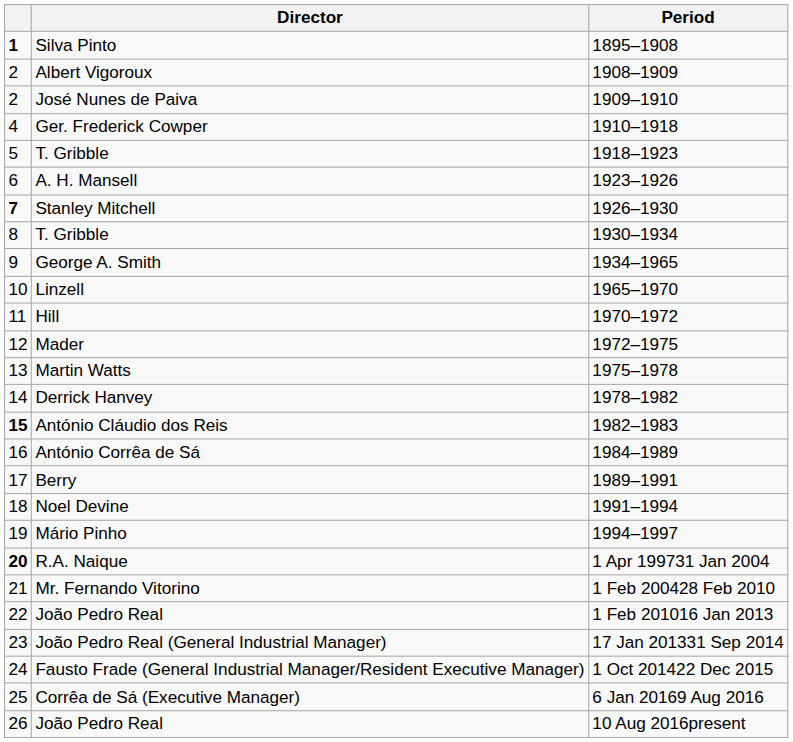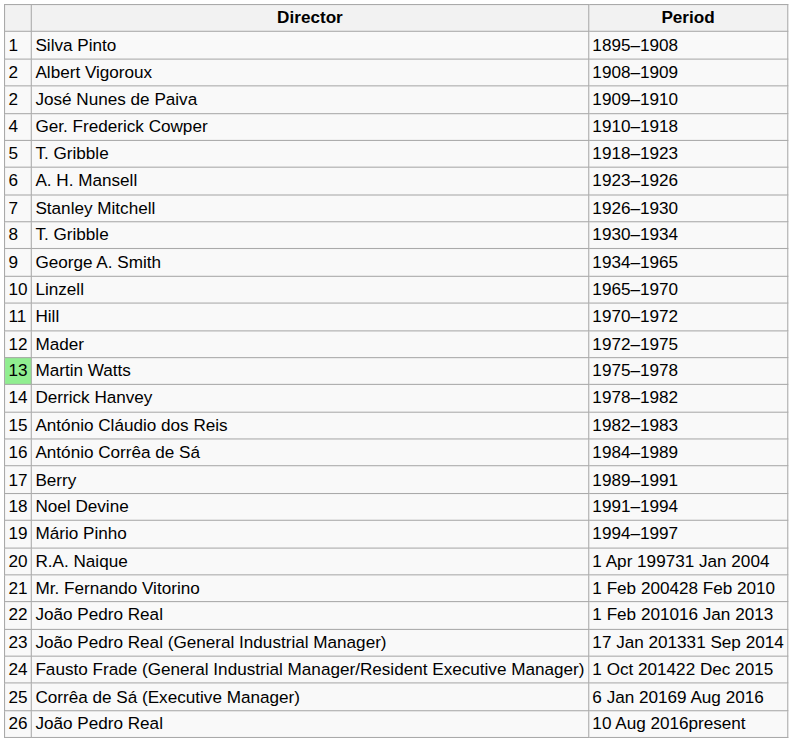 <table class="wikitable">
 <tr>
 <th></th>
 <th>Director</th>
 <th>Period</th>
 </tr>
 <tr>
-<td><strong>1</strong></td>
+<td>1</td>
 <td>Silva Pinto</td>
 <td>1895–1908</td>
 </tr>
 <tr>
 <td>2</td>
 <td>Albert Vigoroux</td>
 <td>1908–1909</td>
 </tr>
 <tr>
 <td>2</td>
 <td>José Nunes de Paiva</td>
 <td>1909–1910</td>
 </tr>
 <tr>
 <td>4</td>
 <td>Ger. Frederick Cowper</td>
 <td>1910–1918</td>
 </tr>
 <tr>
 <td>5</td>
 <td>T. Gribble</td>
 <td>1918–1923</td>
 </tr>
 <tr>
 <td>6</td>
 <td>A. H. Mansell</td>
 <td>1923–1926</td>
 </tr>
 <tr>
-<td><strong>7</strong></td>
+<td>7</td>
 <td>Stanley Mitchell</td>
 <td>1926–1930</td>
 </tr>
 <tr>
 <td>8</td>
 <td>T. Gribble</td>
 <td>1930–1934</td>
 </tr>
 <tr>
 <td>9</td>
 <td>George A. Smith</td>
 <td>1934–1965</td>
 </tr>
 <tr>
 <td>10</td>
 <td>Linzell</td>
 <td>1965–1970</td>
 </tr>
 <tr>
 <td>11</td>
 <td>Hill</td>
 <td>1970–1972</td>
 </tr>
 <tr>
 <td>12</td>
 <td>Mader</td>
 <td>1972–1975</td>
 </tr>
 <tr>
-<td>13</td>
+<td style="background: lightgreen;">13</td>
 <td>Martin Watts</td>
 <td>1975–1978</td>
 </tr>
 <tr>
 <td>14</td>
 <td>Derrick Hanvey</td>
 <td>1978–1982</td>
 </tr>
 <tr>
-<td><strong>15</strong></td>
+<td>15</td>
 <td>António Cláudio dos Reis</td>
 <td>1982–1983</td>
 </tr>
 <tr>
 <td>16</td>
 <td>António Corrêa de Sá</td>
 <td>1984–1989</td>
 </tr>
 <tr>
 <td>17</td>
 <td>Berry</td>
 <td>1989–1991</td>
 </tr>
 <tr>
 <td>18</td>
 <td>Noel Devine</td>
 <td>1991–1994</td>
 </tr>
 <tr>
 <td>19</td>
 <td>Mário Pinho</td>
 <td>1994–1997</td>
 </tr>
 <tr>
-<td><strong>20</strong></td>
+<td>20</td>
 <td>R.A. Naique</td>
 <td>1 Apr 199731 Jan 2004</td>
 </tr>
 <tr>
 <td>21</td>
 <td>Mr. Fernando Vitorino</td>
 <td>1 Feb 200428 Feb 2010</td>
 </tr>
 <tr>
 <td>22</td>
 <td>João Pedro Real</td>
 <td>1 Feb 201016 Jan 2013</td>
 </tr>
 <tr>
 <td>23</td>
 <td>João Pedro Real (General Industrial Manager)</td>
 <td>17 Jan 201331 Sep 2014</td>
 </tr>
 <tr>
 <td>24</td>
 <td>Fausto Frade (General Industrial Manager/Resident Executive Manager)</td>
 <td>1 Oct 201422 Dec 2015</td>
 </tr>
 <tr>
 <td>25</td>
 <td>Corrêa de Sá (Executive Manager)</td>
 <td>6 Jan 20169 Aug 2016</td>
 </tr>
 <tr>
 <td>26</td>
 <td>João Pedro Real</td>
 <td>10 Aug 2016present</td>
 </tr>
 </table>
